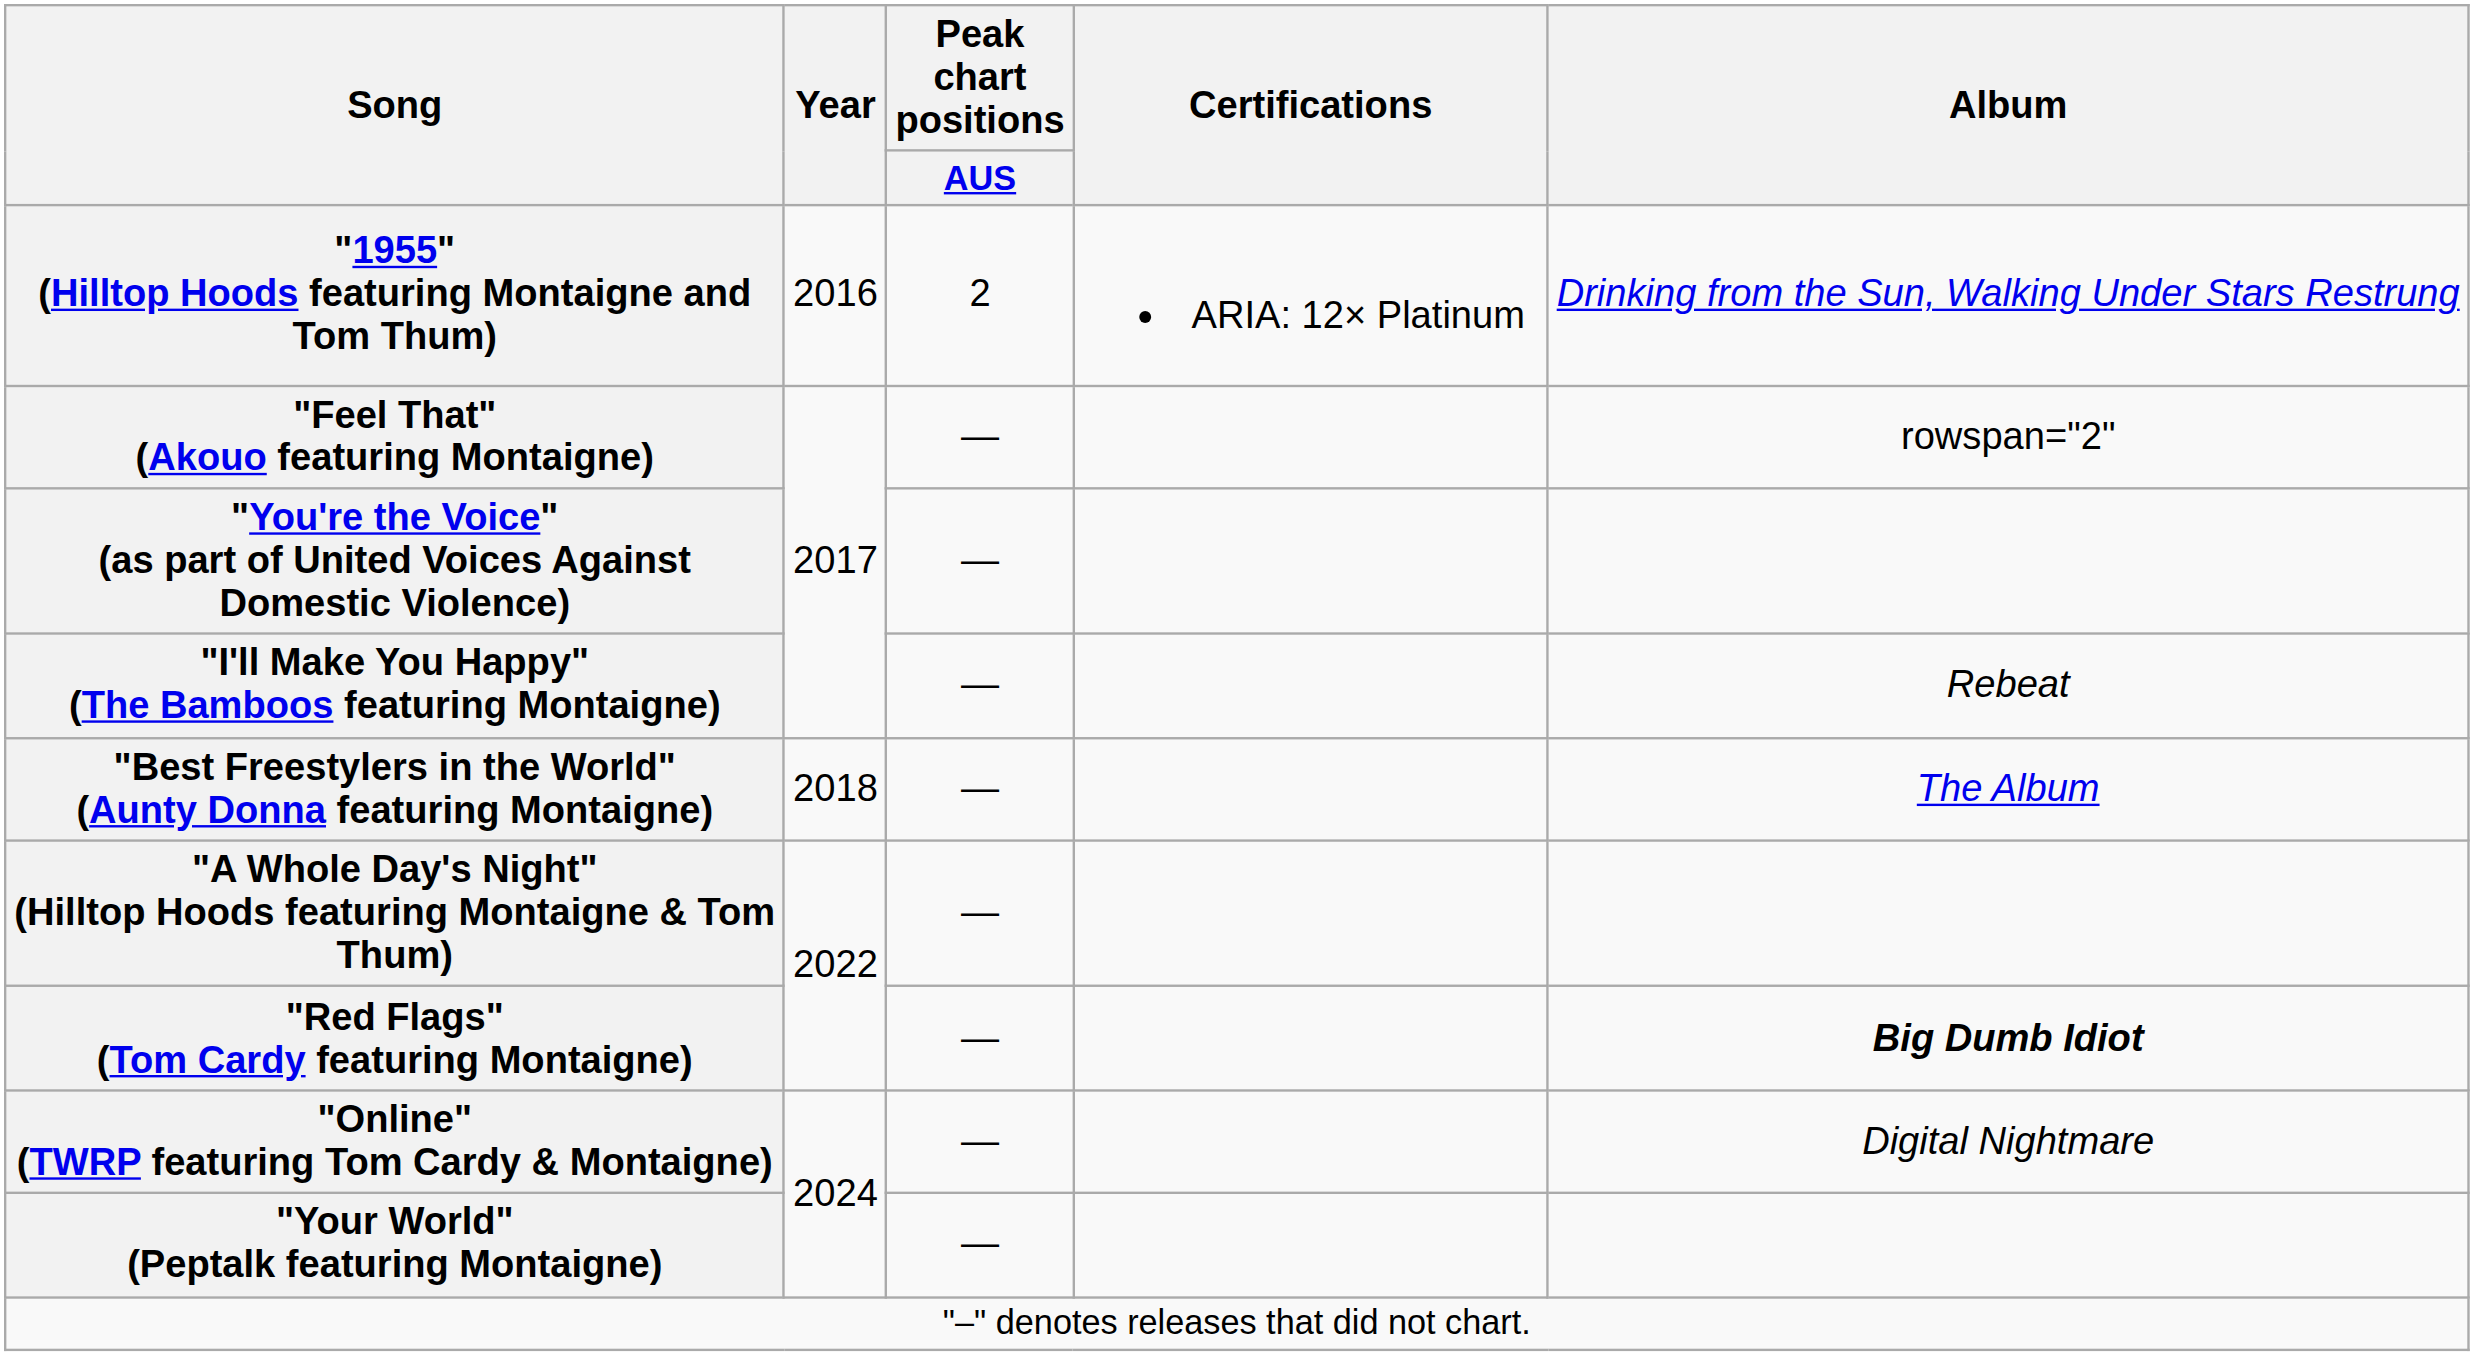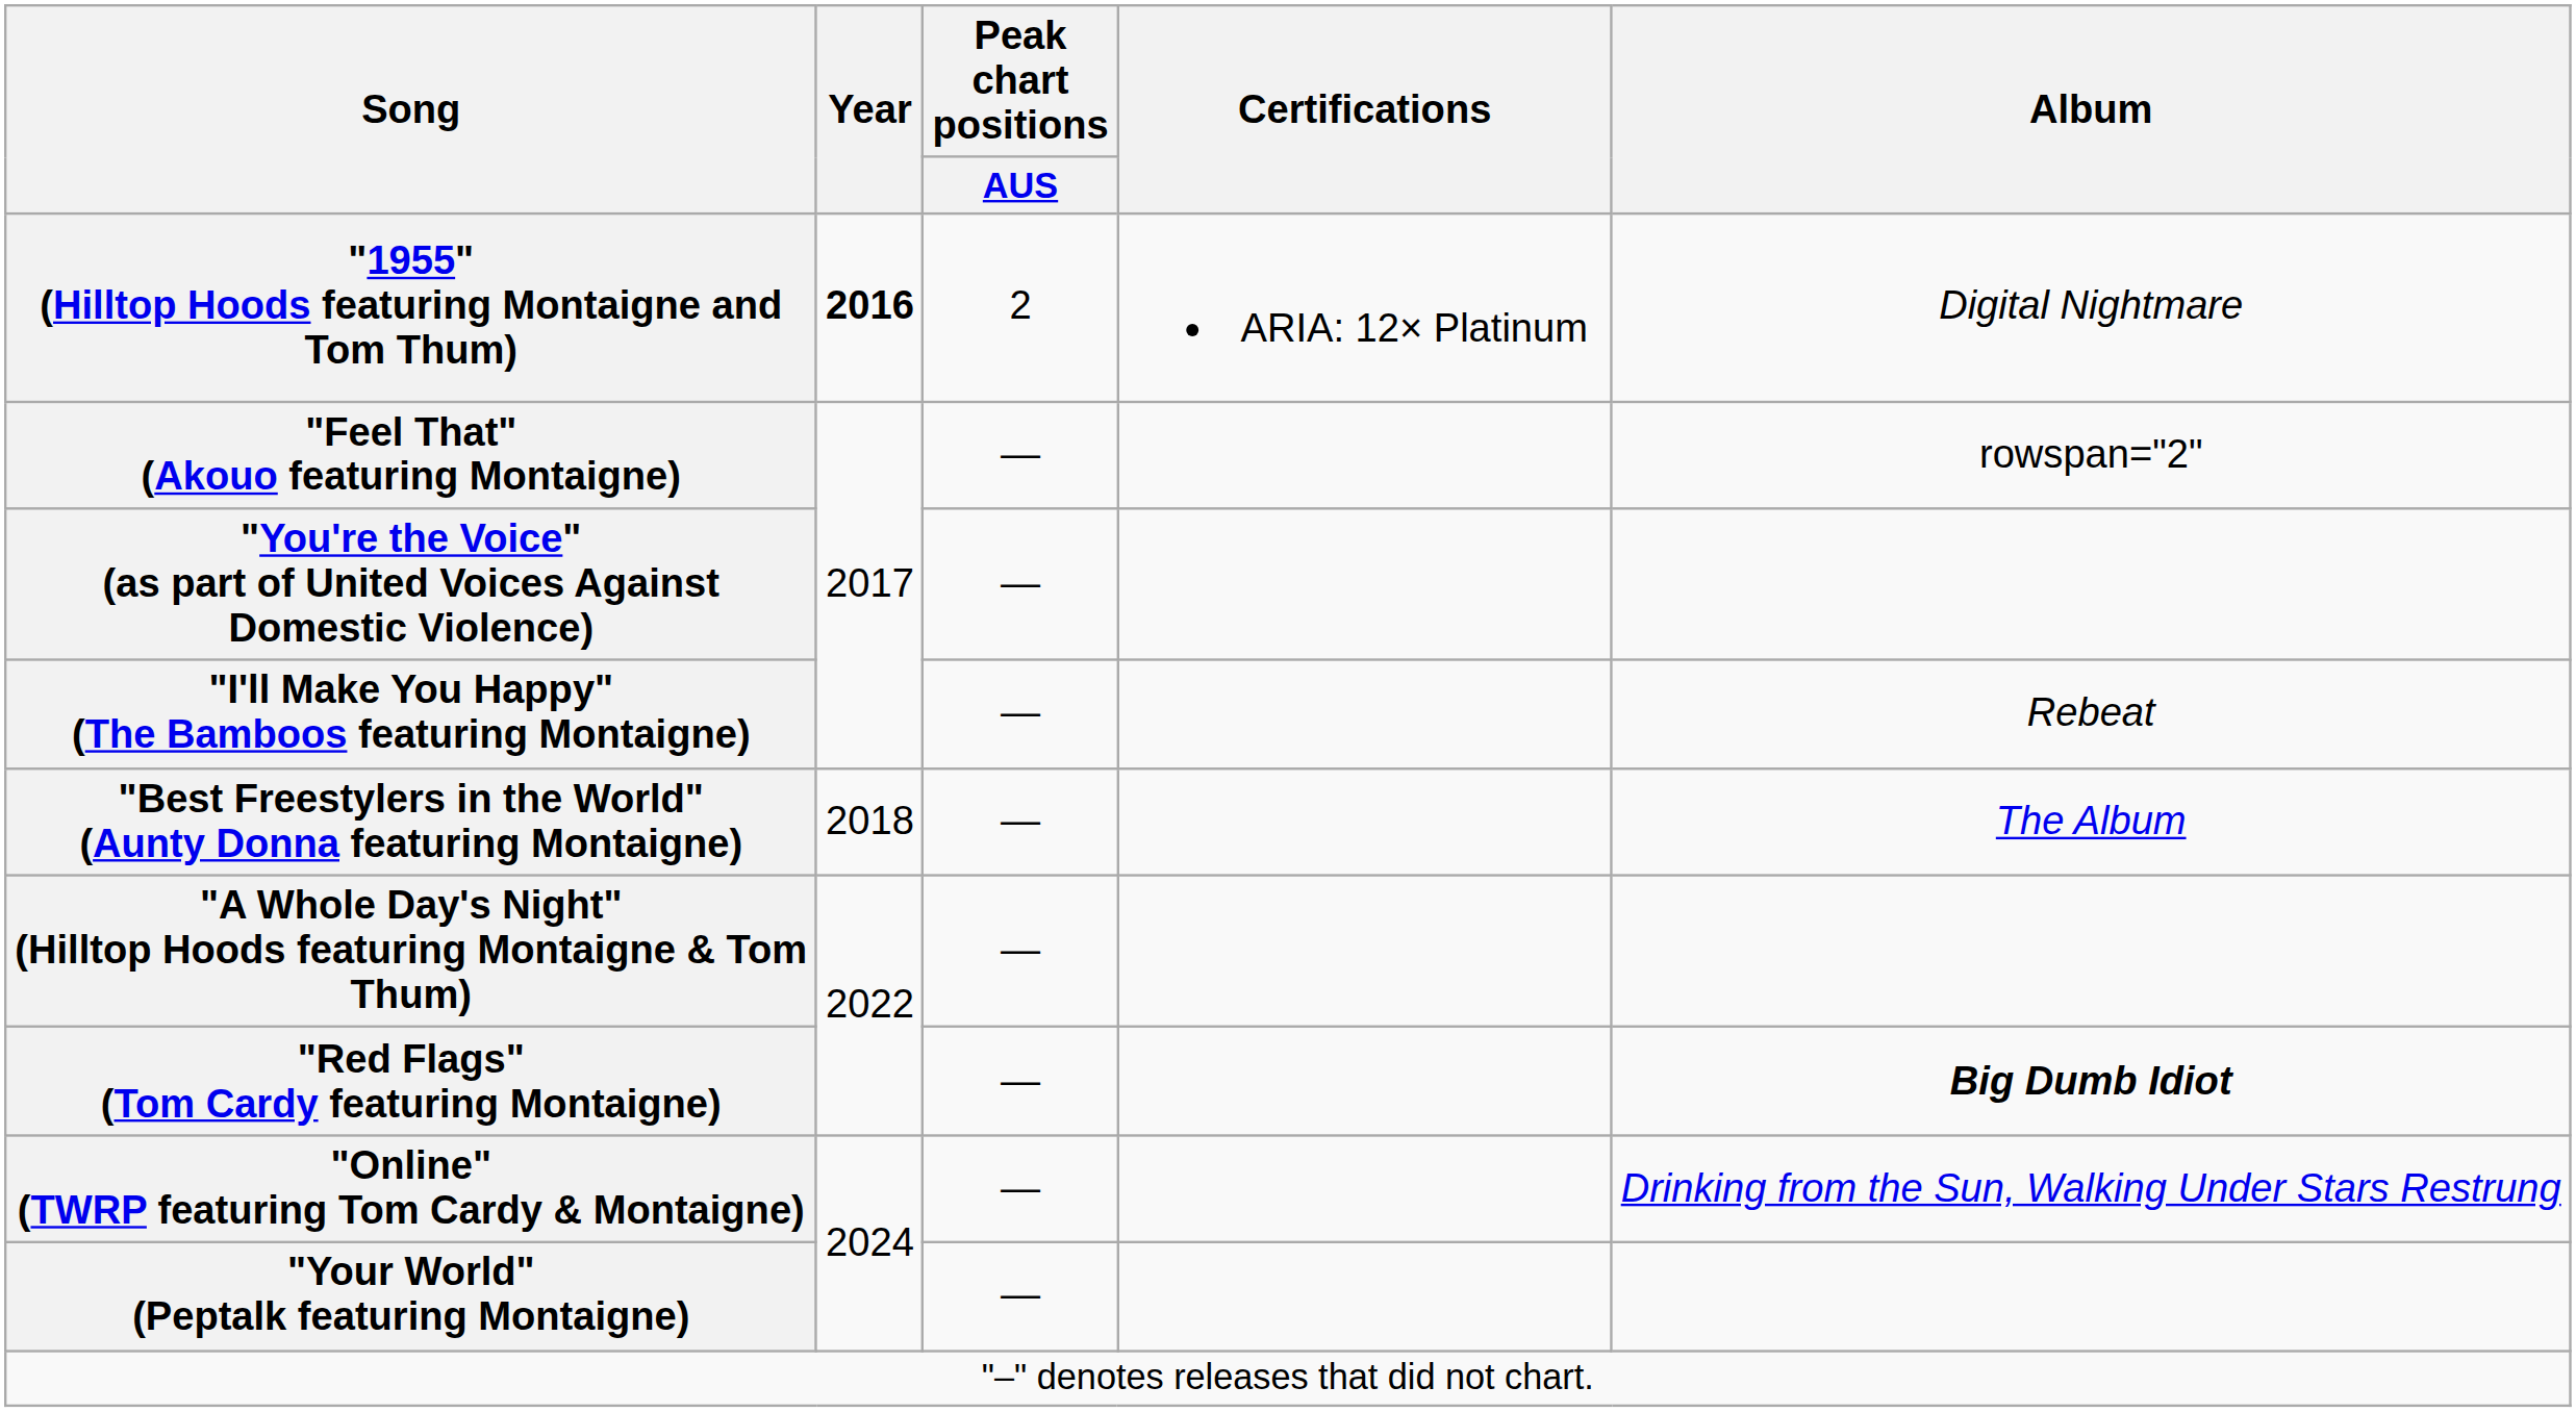 <table class="wikitable plainrowheaders" style="text-align:center;">
 <tr>
 <th scope="col" rowspan="2" style="width:20em;">Song</th>
 <th scope="col" rowspan="2">Year</th>
 <th scope="col" colspan="1">Peak chart positions</th>
 <th scope="col" rowspan="2" style="width:12em;">Certifications</th>
 <th scope="col" rowspan="2">Album</th>
 </tr>
 <tr>
 <th scope="col" style="width:2.5em;font-size:90%;"><a href='#'>AUS</a><br></th>
 </tr>
 <tr>
 <th scope="row">"<a href='#'>1955</a>"<br><span>(<a href='#'>Hilltop Hoods</a> featuring Montaigne and Tom Thum)</span></th>
-<td>2016</td>
+<td><strong>2016</strong></td>
 <td>2</td>
 <td><br><ul><li>ARIA: 12× Platinum</li></ul></td>
-<td><em><a href='#'>Drinking from the Sun, Walking Under Stars Restrung</a></em></td>
+<td><em>Digital Nightmare</em></td>
 </tr>
 <tr>
 <th scope="row">"Feel That"<br><span>(<a href='#'>Akouo</a> featuring Montaigne)</span></th>
 <td rowspan="3">2017</td>
 <td>—</td>
 <td></td>
 <td>rowspan="2" </td>
 </tr>
 <tr>
 <th scope="row">"<a href='#'>You're the Voice</a>"<br><span>(as part of United Voices Against Domestic Violence)</span></th>
 <td>—</td>
 <td></td>
 </tr>
 <tr>
 <th scope="row">"I'll Make You Happy"<br><span>(<a href='#'>The Bamboos</a> featuring Montaigne)</span></th>
 <td>—</td>
 <td></td>
 <td><em>Rebeat</em></td>
 </tr>
 <tr>
 <th scope="row">"Best Freestylers in the World"<br><span>(<a href='#'>Aunty Donna</a> featuring Montaigne)</span></th>
 <td>2018</td>
 <td>—</td>
 <td></td>
 <td><em><a href='#'>The Album</a></em></td>
 </tr>
 <tr>
 <th scope="row">"A Whole Day's Night"<br><span>(Hilltop Hoods featuring Montaigne & Tom Thum)</span></th>
 <td rowspan="2">2022</td>
 <td>—</td>
 <td></td>
 <td></td>
 </tr>
 <tr>
 <th scope="row">"Red Flags"<br><span>(<a href='#'>Tom Cardy</a> featuring Montaigne)</span></th>
 <td>—</td>
 <td></td>
 <td><strong><em>Big Dumb Idiot</em></strong></td>
 </tr>
 <tr>
 <th scope="row">"Online"<br><span>(<a href='#'>TWRP</a> featuring Tom Cardy & Montaigne)</span></th>
 <td rowspan="2">2024</td>
 <td>—</td>
 <td></td>
-<td><em>Digital Nightmare</em></td>
+<td><em><a href='#'>Drinking from the Sun, Walking Under Stars Restrung</a></em></td>
 </tr>
 <tr>
 <th scope="row">"Your World"<br><span>(Peptalk featuring Montaigne)</span></th>
 <td>—</td>
 <td></td>
 <td></td>
 </tr>
 <tr>
 <td colspan="7" align="center" style="font-size:90%">"–" denotes releases that did not chart.</td>
 </tr>
 </table>
